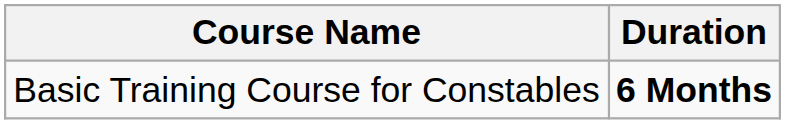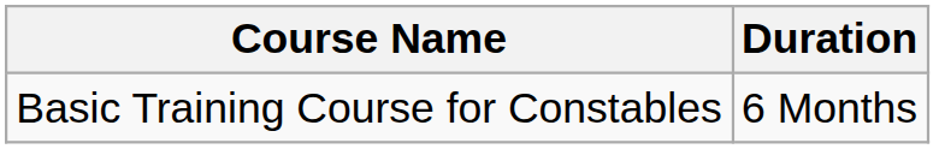 <table class="wikitable">
 <tr>
 <th>Course Name</th>
 <th>Duration</th>
 </tr>
 <tr>
 <td>Basic Training Course for Constables</td>
-<td><strong>6 Months</strong></td>
+<td>6 Months</td>
 </tr>
 </table>
